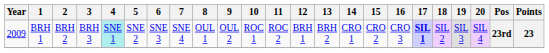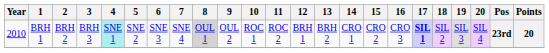 <table class="wikitable" style="text-align:center; font-size:85%">
 <tr>
 <th>Year</th>
 <th>1</th>
 <th>2</th>
 <th>3</th>
 <th>4</th>
 <th>5</th>
 <th>6</th>
 <th>7</th>
 <th>8</th>
 <th>9</th>
 <th>10</th>
 <th>11</th>
 <th>12</th>
 <th>13</th>
 <th>14</th>
 <th>15</th>
 <th>16</th>
 <th>17</th>
 <th>18</th>
 <th>19</th>
 <th>20</th>
 <th>Pos</th>
 <th>Points</th>
 </tr>
 <tr>
-<td><a href='#'>2009</a></td>
+<td><a href='#'>2010</a></td>
 <td><a href='#'>BRH<br>1</a></td>
 <td><a href='#'>BRH<br>2</a></td>
 <td><a href='#'>BRH<br>3</a></td>
 <td style="background: paleturquoise;"><a href='#'>SNE<br>1</a></td>
 <td><a href='#'>SNE<br>2</a></td>
 <td><a href='#'>SNE<br>3</a></td>
 <td><a href='#'>SNE<br>4</a></td>
-<td><a href='#'>OUL<br>1</a></td>
+<td style="background: lightgrey;"><a href='#'>OUL<br>1</a></td>
 <td><a href='#'>OUL<br>2</a></td>
 <td><a href='#'>ROC<br>1</a></td>
 <td><a href='#'>ROC<br>2</a></td>
 <td><a href='#'>BRH<br>1</a></td>
 <td><a href='#'>BRH<br>2</a></td>
 <td><a href='#'>CRO<br>1</a></td>
 <td><a href='#'>CRO<br>2</a></td>
 <td><a href='#'>CRO<br>3</a></td>
 <td style="background:#CFCFFF;"><strong><a href='#'>SIL<br>1</a></strong><br></td>
 <td style="background:#EFCFFF;"><a href='#'>SIL<br>2</a><br></td>
 <td style="background:#DFDFDF;"><a href='#'>SIL<br>3</a><br></td>
 <td style="background:#EFCFFF;"><a href='#'>SIL<br>4</a><br></td>
 <th>23rd</th>
-<th>23</th>
+<th>20</th>
 </tr>
 <tr>
 </tr>
 </table>
